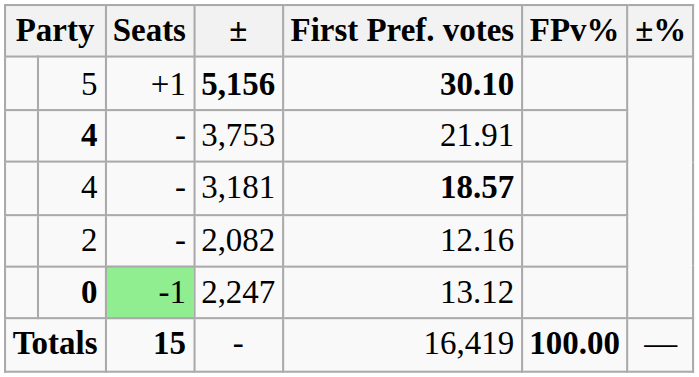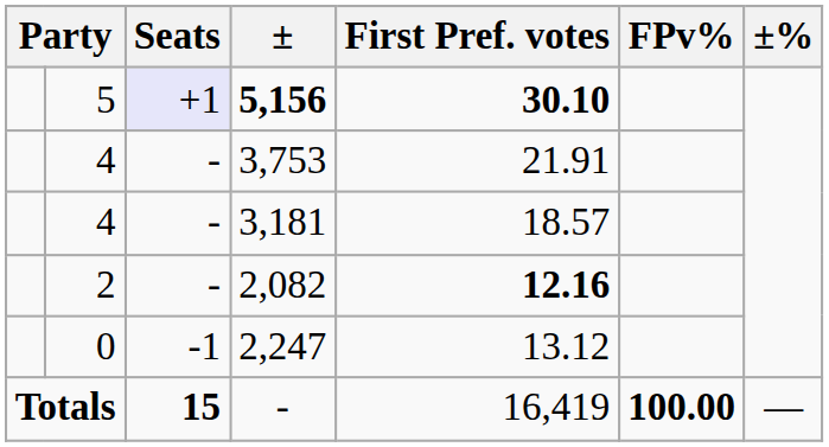 <table class=wikitable>
 <tr>
 <th colspan=2 align=center>Party</th>
 <th valign=top>Seats</th>
 <th valign=top>±</th>
 <th valign=top>First Pref. votes</th>
 <th valign=top>FPv%</th>
 <th valign=top>±%</th>
 </tr>
 <tr>
 <td></td>
 <td align=right>5</td>
-<td align=right>+1</td>
+<td align=right style="background: lavender;">+1</td>
 <td align=right><strong>5,156</strong></td>
 <td align=right><strong>30.10</strong></td>
 <td align=right></td>
 </tr>
 <tr>
 <td></td>
-<td align=right><strong>4</strong></td>
+<td align=right>4</td>
 <td align=right>-</td>
 <td align=right>3,753</td>
 <td align=right>21.91</td>
 <td align=right></td>
 </tr>
 <tr>
 <td></td>
 <td align=right>4</td>
 <td align=right>-</td>
 <td align=right>3,181</td>
-<td align=right><strong>18.57</strong></td>
+<td align=right>18.57</td>
 <td align=right></td>
 </tr>
 <tr>
 <td></td>
 <td align=right>2</td>
 <td align=right>-</td>
 <td align=right>2,082</td>
-<td align=right>12.16</td>
+<td align=right><strong>12.16</strong></td>
 <td align=right></td>
 </tr>
 <tr>
 <td></td>
-<td align=right><strong>0</strong></td>
-<td align=right style="background: lightgreen;">-1</td>
+<td align=right>0</td>
+<td align=right>-1</td>
 <td align=right>2,247</td>
 <td align=right>13.12</td>
 <td align=right></td>
 </tr>
 <tr>
 <td colspan=2 align=center><strong>Totals</strong></td>
 <td align=right><strong>15</strong></td>
 <td align=center>-</td>
 <td align=right>16,419</td>
 <td align=center><strong>100.00</strong></td>
 <td align=center>—</td>
 </tr>
 </table>
